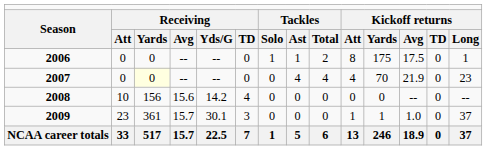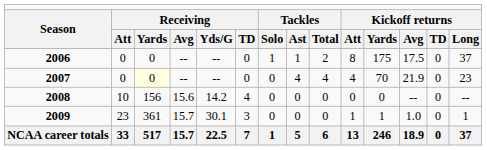 <table class=wikitable style="text-align:center;">
 <tr>
 <td ! colspan="15"></td>
 </tr>
 <tr>
 <th rowspan=2>Season</th>
 <th colspan=5>Receiving</th>
 <th colspan=3>Tackles</th>
 <th colspan=5>Kickoff returns</th>
 </tr>
 <tr>
 <th>Att</th>
 <th>Yards</th>
 <th>Avg</th>
 <th>Yds/G</th>
 <th>TD</th>
 <th>Solo</th>
 <th>Ast</th>
 <th>Total</th>
 <th>Att</th>
 <th>Yards</th>
 <th>Avg</th>
 <th>TD</th>
 <th>Long</th>
 </tr>
 <tr>
 <td><strong>2006</strong></td>
 <td>0</td>
 <td>0</td>
 <td>--</td>
 <td>--</td>
 <td>0</td>
 <td>1</td>
 <td>1</td>
 <td>2</td>
 <td>8</td>
 <td>175</td>
 <td>17.5</td>
 <td>0</td>
-<td>1</td>
+<td>37</td>
 </tr>
 <tr>
 <td><strong>2007</strong></td>
 <td>0</td>
 <td style="background: lightyellow;">0</td>
 <td>--</td>
 <td>--</td>
 <td>0</td>
 <td>0</td>
 <td>4</td>
 <td>4</td>
 <td>4</td>
 <td>70</td>
 <td>21.9</td>
 <td>0</td>
 <td>23</td>
 </tr>
 <tr>
 <td><strong>2008</strong></td>
 <td>10</td>
 <td>156</td>
 <td>15.6</td>
 <td>14.2</td>
 <td>4</td>
 <td>0</td>
 <td>0</td>
 <td>0</td>
 <td>0</td>
 <td>0</td>
 <td>--</td>
 <td>0</td>
 <td>--</td>
 </tr>
 <tr>
 <td><strong>2009</strong></td>
 <td>23</td>
 <td>361</td>
 <td>15.7</td>
 <td>30.1</td>
 <td>3</td>
 <td>0</td>
 <td>0</td>
 <td>0</td>
 <td>1</td>
 <td>1</td>
 <td>1.0</td>
 <td>0</td>
-<td>37</td>
+<td>1</td>
 </tr>
 <tr>
 <th>NCAA career totals</th>
 <th>33</th>
 <th>517</th>
 <th>15.7</th>
 <th>22.5</th>
 <th>7</th>
 <th>1</th>
 <th>5</th>
 <th>6</th>
 <th>13</th>
 <th>246</th>
 <th>18.9</th>
 <th>0</th>
 <th>37</th>
 </tr>
 </table>
